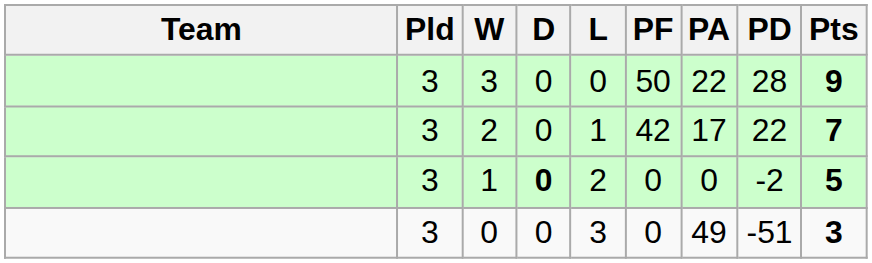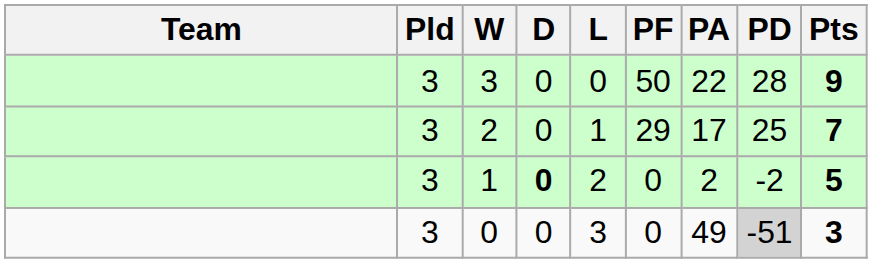 <table class="wikitable" style="text-align:center;">
 <tr>
 <th width="190">Team</th>
 <th width="20" abbr="Played">Pld</th>
 <th width="20" abbr="Won">W</th>
 <th width="20" abbr="Drawn">D</th>
 <th width="20" abbr="Lost">L</th>
 <th width="20" abbr="Points for">PF</th>
 <th width="20" abbr="Points against">PA</th>
 <th width="25" abbr="Points difference">PD</th>
 <th width="20" abbr="Points">Pts</th>
 </tr>
 <tr style="background:#ccffcc">
 <td align="left"></td>
 <td>3</td>
 <td>3</td>
 <td>0</td>
 <td>0</td>
 <td>50</td>
 <td>22</td>
 <td>28</td>
 <td><strong>9</strong></td>
 </tr>
 <tr style="background:#ccffcc">
 <td align="left"></td>
 <td>3</td>
 <td>2</td>
 <td>0</td>
 <td>1</td>
-<td>42</td>
+<td>29</td>
 <td>17</td>
-<td>22</td>
+<td>25</td>
 <td><strong>7</strong></td>
 </tr>
 <tr style="background:#ccffcc">
 <td align="left"></td>
 <td>3</td>
 <td>1</td>
 <td><strong>0</strong></td>
 <td>2</td>
 <td>0</td>
-<td>0</td>
+<td>2</td>
 <td>-2</td>
 <td><strong>5</strong></td>
 </tr>
 <tr>
 <td align="left"></td>
 <td>3</td>
 <td>0</td>
 <td>0</td>
 <td>3</td>
 <td>0</td>
 <td>49</td>
-<td>-51</td>
+<td style="background: lightgrey;">-51</td>
 <td><strong>3</strong></td>
 </tr>
 </table>
